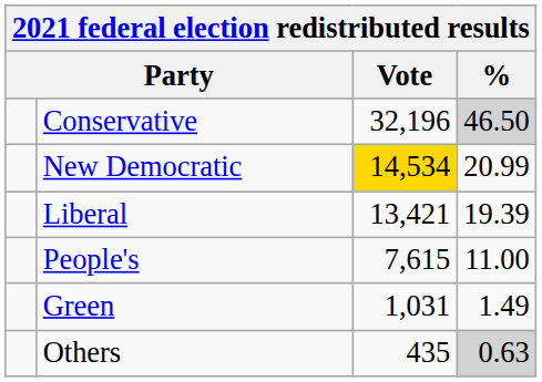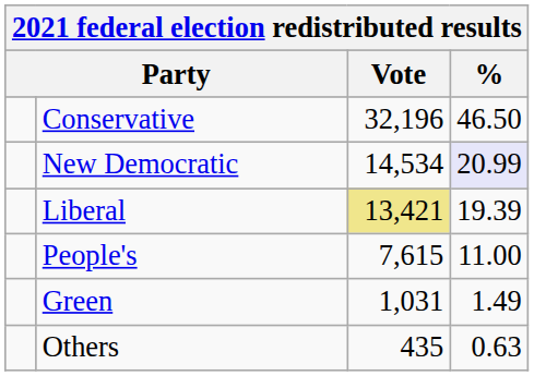 <table class="wikitable">
 <tr>
 <th colspan="4"><a href='#'>2021 federal election</a> redistributed results</th>
 </tr>
 <tr>
 <th bgcolor="#DDDDFF" width="130px" colspan="2">Party</th>
 <th bgcolor="#DDDDFF" width="50px">Vote</th>
 <th bgcolor="#DDDDFF" width="30px">%</th>
 </tr>
 <tr>
 <td> </td>
 <td><a href='#'>Conservative</a></td>
 <td align=right>32,196</td>
-<td align=right style="background: lightgrey;">46.50</td>
+<td align=right>46.50</td>
 </tr>
 <tr>
 <td> </td>
 <td><a href='#'>New Democratic</a></td>
-<td align=right style="background: gold;">14,534</td>
-<td align=right>20.99</td>
+<td align=right>14,534</td>
+<td align=right style="background: lavender;">20.99</td>
 </tr>
 <tr>
 <td> </td>
 <td><a href='#'>Liberal</a></td>
-<td align=right>13,421</td>
+<td align=right style="background: khaki;">13,421</td>
 <td align=right>19.39</td>
 </tr>
 <tr>
 <td> </td>
 <td><a href='#'>People's</a></td>
 <td align=right>7,615</td>
 <td align=right>11.00</td>
 </tr>
 <tr>
 <td> </td>
 <td><a href='#'>Green</a></td>
 <td align=right>1,031</td>
 <td align=right>1.49</td>
 </tr>
 <tr>
 <td> </td>
 <td>Others</td>
 <td align=right>435</td>
-<td align=right style="background: lightgrey;">0.63</td>
+<td align=right>0.63</td>
 </tr>
 </table>
